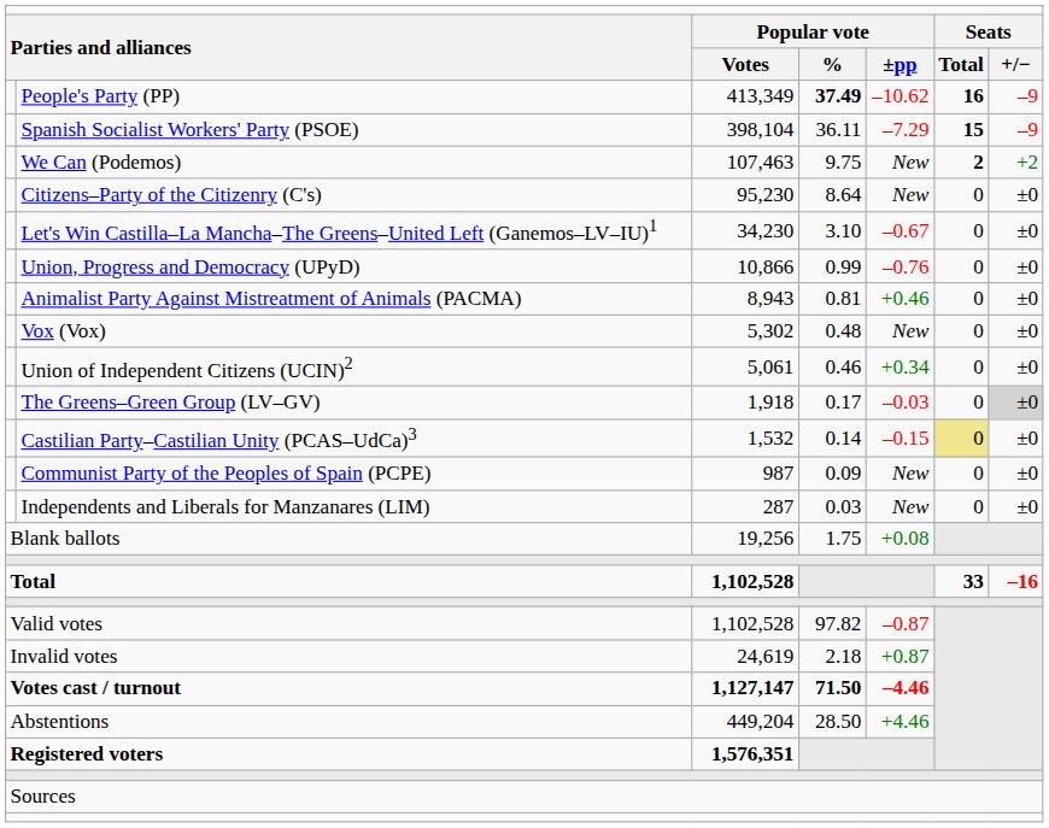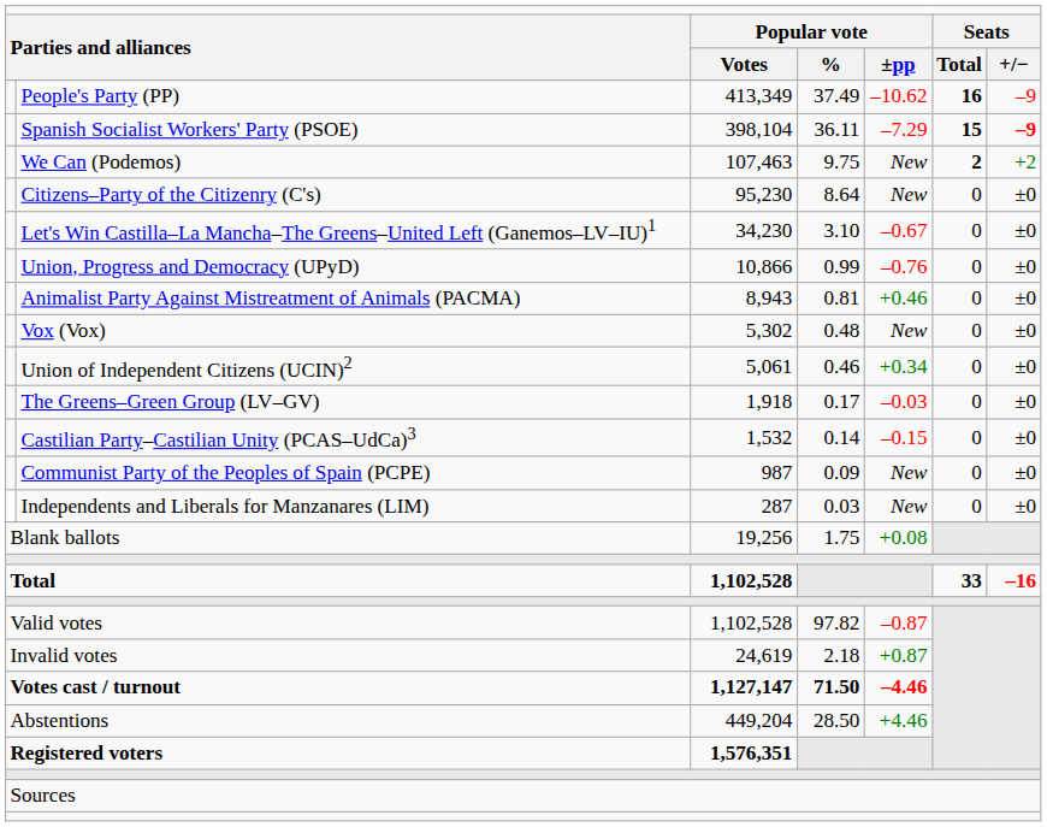 <table class="wikitable" style="text-align:right;">
 <tr>
 <td colspan="7"></td>
 </tr>
 <tr>
 <th style="text-align:left;" rowspan="2" colspan="2" width="525">Parties and alliances</th>
 <th colspan="3">Popular vote</th>
 <th colspan="2">Seats</th>
 </tr>
 <tr>
 <th width="75">Votes</th>
 <th width="45">%</th>
 <th width="45">±<a href='#'>pp</a></th>
 <th width="35">Total</th>
 <th width="35">+/−</th>
 </tr>
 <tr>
 <td width="1" style="color:inherit;background:"></td>
 <td align="left"><a href='#'>People's Party</a> (PP)</td>
 <td>413,349</td>
-<td><strong>37.49</strong></td>
+<td>37.49</td>
 <td style="color:red;">–10.62</td>
 <td><strong>16</strong></td>
 <td style="color:red;">–9</td>
 </tr>
 <tr>
 <td style="color:inherit;background:"></td>
 <td align="left"><a href='#'>Spanish Socialist Workers' Party</a> (PSOE)</td>
 <td>398,104</td>
 <td>36.11</td>
 <td style="color:red;">–7.29</td>
 <td><strong>15</strong></td>
-<td style="color:red;">–9</td>
+<td style="color:red;"><strong>–9</strong></td>
 </tr>
 <tr>
 <td style="color:inherit;background:"></td>
 <td align="left"><a href='#'>We Can</a> (Podemos)</td>
 <td>107,463</td>
 <td>9.75</td>
 <td><em>New</em></td>
 <td><strong>2</strong></td>
 <td style="color:green;">+2</td>
 </tr>
 <tr>
 <td style="color:inherit;background:"></td>
 <td align="left"><a href='#'>Citizens–Party of the Citizenry</a> (C's)</td>
 <td>95,230</td>
 <td>8.64</td>
 <td><em>New</em></td>
 <td>0</td>
 <td>±0</td>
 </tr>
 <tr>
 <td style="color:inherit;background:"></td>
 <td align="left"><a href='#'>Let's Win Castilla–La Mancha</a>–<a href='#'>The Greens</a>–<a href='#'>United Left</a> (Ganemos–LV–IU)<sup>1</sup></td>
 <td>34,230</td>
 <td>3.10</td>
 <td style="color:red;">–0.67</td>
 <td>0</td>
 <td>±0</td>
 </tr>
 <tr>
 <td style="color:inherit;background:"></td>
 <td align="left"><a href='#'>Union, Progress and Democracy</a> (UPyD)</td>
 <td>10,866</td>
 <td>0.99</td>
 <td style="color:red;">–0.76</td>
 <td>0</td>
 <td>±0</td>
 </tr>
 <tr>
 <td style="color:inherit;background:"></td>
 <td align="left"><a href='#'>Animalist Party Against Mistreatment of Animals</a> (PACMA)</td>
 <td>8,943</td>
 <td>0.81</td>
 <td style="color:green;">+0.46</td>
 <td>0</td>
 <td>±0</td>
 </tr>
 <tr>
 <td style="color:inherit;background:"></td>
 <td align="left"><a href='#'>Vox</a> (Vox)</td>
 <td>5,302</td>
 <td>0.48</td>
 <td><em>New</em></td>
 <td>0</td>
 <td>±0</td>
 </tr>
 <tr>
 <td style="color:inherit;background:"></td>
 <td align="left">Union of Independent Citizens (UCIN)<sup>2</sup></td>
 <td>5,061</td>
 <td>0.46</td>
 <td style="color:green;">+0.34</td>
 <td>0</td>
 <td>±0</td>
 </tr>
 <tr>
 <td style="color:inherit;background:"></td>
 <td align="left"><a href='#'>The Greens–Green Group</a> (LV–GV)</td>
 <td>1,918</td>
 <td>0.17</td>
 <td style="color:red;">–0.03</td>
 <td>0</td>
-<td style="background: lightgrey;">±0</td>
+<td>±0</td>
 </tr>
 <tr>
 <td style="color:inherit;background:"></td>
 <td align="left"><a href='#'>Castilian Party</a>–<a href='#'>Castilian Unity</a> (PCAS–UdCa)<sup>3</sup></td>
 <td>1,532</td>
 <td>0.14</td>
 <td style="color:red;">–0.15</td>
-<td style="background: khaki;">0</td>
+<td>0</td>
 <td>±0</td>
 </tr>
 <tr>
 <td style="color:inherit;background:"></td>
 <td align="left"><a href='#'>Communist Party of the Peoples of Spain</a> (PCPE)</td>
 <td>987</td>
 <td>0.09</td>
 <td><em>New</em></td>
 <td>0</td>
 <td>±0</td>
 </tr>
 <tr>
 <td bgcolor="white"></td>
 <td align="left">Independents and Liberals for Manzanares (LIM)</td>
 <td>287</td>
 <td>0.03</td>
 <td><em>New</em></td>
 <td>0</td>
 <td>±0</td>
 </tr>
 <tr>
 <td align="left" colspan="2">Blank ballots</td>
 <td>19,256</td>
 <td>1.75</td>
 <td style="color:green;">+0.08</td>
 <td bgcolor="#E9E9E9" colspan="2"></td>
 </tr>
 <tr>
 <td colspan="7" bgcolor="#E9E9E9"></td>
 </tr>
 <tr style="font-weight:bold;">
 <td align="left" colspan="2">Total</td>
 <td>1,102,528</td>
 <td bgcolor="#E9E9E9" colspan="2"></td>
 <td>33</td>
 <td style="color:red;">–16</td>
 </tr>
 <tr>
 <td colspan="7" bgcolor="#E9E9E9"></td>
 </tr>
 <tr>
 <td align="left" colspan="2">Valid votes</td>
 <td>1,102,528</td>
 <td>97.82</td>
 <td style="color:red;">–0.87</td>
 <td bgcolor="#E9E9E9" colspan="2" rowspan="5"></td>
 </tr>
 <tr>
 <td align="left" colspan="2">Invalid votes</td>
 <td>24,619</td>
 <td>2.18</td>
 <td style="color:green;">+0.87</td>
 </tr>
 <tr style="font-weight:bold;">
 <td align="left" colspan="2">Votes cast / turnout</td>
 <td>1,127,147</td>
 <td>71.50</td>
 <td style="color:red;">–4.46</td>
 </tr>
 <tr>
 <td align="left" colspan="2">Abstentions</td>
 <td>449,204</td>
 <td>28.50</td>
 <td style="color:green;">+4.46</td>
 </tr>
 <tr style="font-weight:bold;">
 <td align="left" colspan="2">Registered voters</td>
 <td>1,576,351</td>
 <td bgcolor="#E9E9E9" colspan="2"></td>
 </tr>
 <tr>
 <td colspan="7" bgcolor="#E9E9E9"></td>
 </tr>
 <tr>
 <td align="left" colspan="7">Sources</td>
 </tr>
 <tr>
 <td colspan="7" style="text-align:left; max-width:790px;"></td>
 </tr>
 </table>
